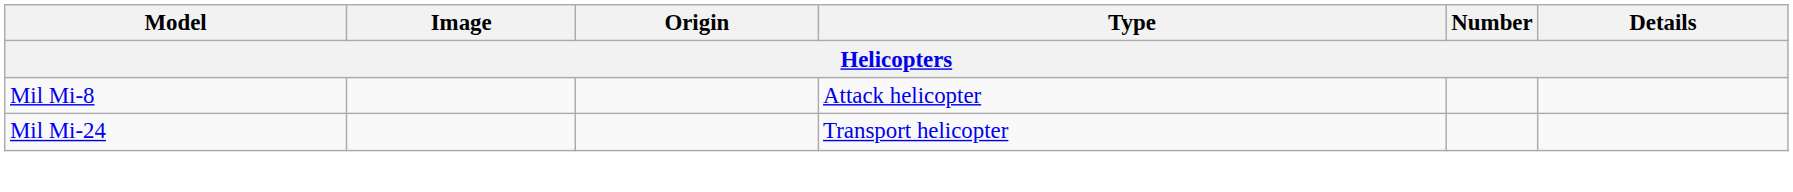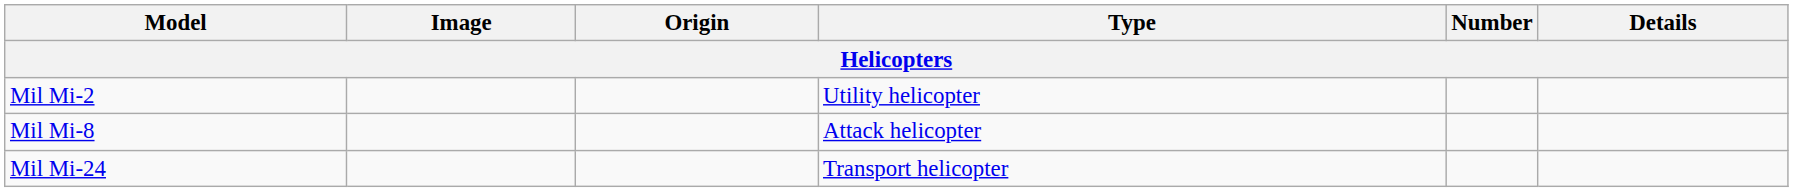 <table class="wikitable">
 <tr>
 <th>Model</th>
 <th>Image</th>
 <th>Origin</th>
 <th>Type</th>
 <th style="width:5%;">Number</th>
 <th>Details</th>
 </tr>
 <tr>
 <th colspan="6" style="align: center;"><a href='#'>Helicopters</a></th>
+</tr>
+<tr>
+<td><a href='#'>Mil Mi-2</a></td>
+<td></td>
+<td><br></td>
+<td><a href='#'>Utility helicopter</a></td>
+<td></td>
+<td></td>
 </tr>
 <tr>
 <td><a href='#'>Mil Mi-8</a></td>
 <td></td>
 <td></td>
 <td><a href='#'>Attack helicopter</a></td>
 <td></td>
 <td></td>
 </tr>
 <tr>
 <td><a href='#'>Mil Mi-24</a></td>
 <td></td>
 <td></td>
 <td><a href='#'>Transport helicopter</a></td>
 <td></td>
 <td></td>
 </tr>
 </table>
